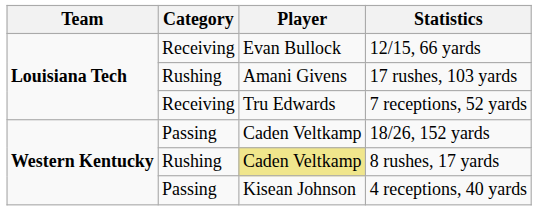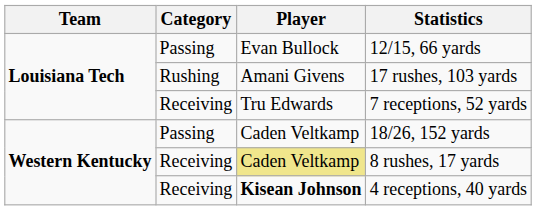 <table class="wikitable" style="float: right;">
 <tr>
 <th>Team</th>
 <th>Category</th>
 <th>Player</th>
 <th>Statistics</th>
 </tr>
 <tr>
 <td rowspan=3><strong>Louisiana Tech</strong></td>
-<td>Receiving</td>
+<td>Passing</td>
 <td>Evan Bullock</td>
 <td>12/15, 66 yards</td>
 </tr>
 <tr>
 <td>Rushing</td>
 <td>Amani Givens</td>
 <td>17 rushes, 103 yards</td>
 </tr>
 <tr>
 <td>Receiving</td>
 <td>Tru Edwards</td>
 <td>7 receptions, 52 yards</td>
 </tr>
 <tr>
 <td rowspan=3><strong>Western Kentucky</strong></td>
 <td>Passing</td>
 <td>Caden Veltkamp</td>
 <td>18/26, 152 yards</td>
 </tr>
 <tr>
-<td>Rushing</td>
+<td>Receiving</td>
 <td style="background: khaki;">Caden Veltkamp</td>
 <td>8 rushes, 17 yards</td>
 </tr>
 <tr>
-<td>Passing</td>
-<td>Kisean Johnson</td>
+<td>Receiving</td>
+<td><strong>Kisean Johnson</strong></td>
 <td>4 receptions, 40 yards</td>
 </tr>
 </table>
